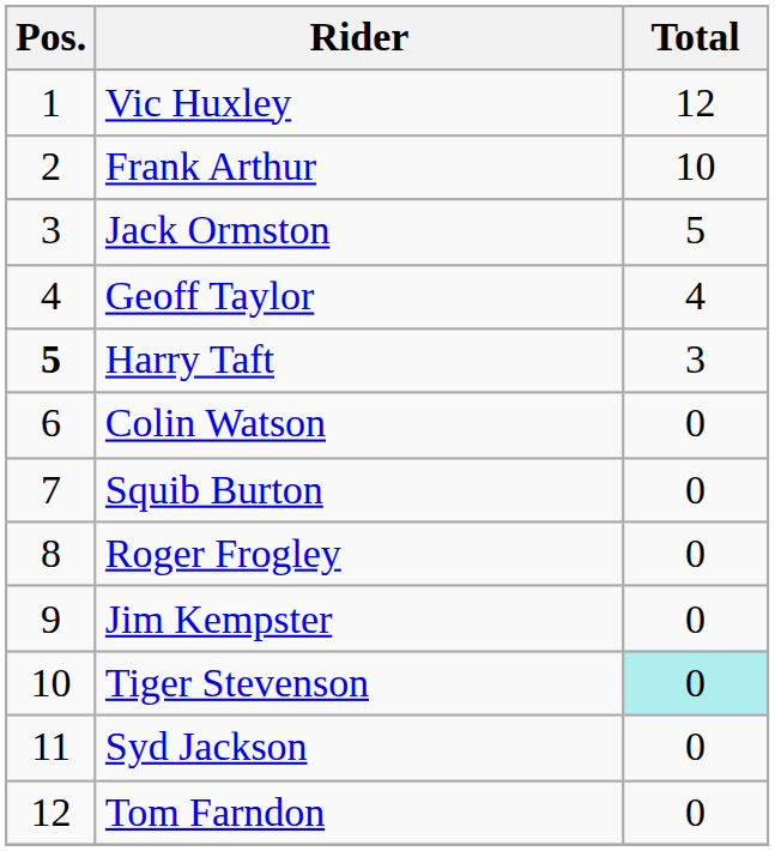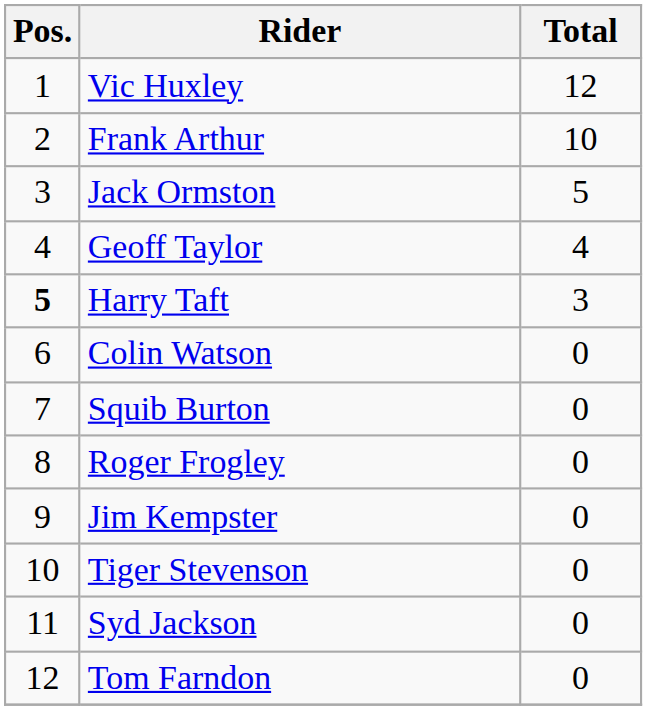 <table class=wikitable>
 <tr>
 <th width=25px>Pos.</th>
 <th width=200px>Rider</th>
 <th width=50px>Total</th>
 </tr>
 <tr align=center >
 <td>1</td>
 <td align=left> <a href='#'>Vic Huxley</a></td>
 <td>12</td>
 </tr>
 <tr align=center >
 <td>2</td>
 <td align=left> <a href='#'>Frank Arthur</a></td>
 <td>10</td>
 </tr>
 <tr align=center >
 <td>3</td>
 <td align=left> <a href='#'>Jack Ormston</a></td>
 <td>5</td>
 </tr>
 <tr align=center>
 <td>4</td>
 <td align=left> <a href='#'>Geoff Taylor</a></td>
 <td>4</td>
 </tr>
 <tr align=center>
 <td><strong>5</strong></td>
 <td align=left> <a href='#'>Harry Taft</a></td>
 <td>3</td>
 </tr>
 <tr align=center>
 <td>6</td>
 <td align=left> <a href='#'>Colin Watson</a></td>
 <td>0</td>
 </tr>
 <tr align=center>
 <td>7</td>
 <td align=left> <a href='#'>Squib Burton</a></td>
 <td>0</td>
 </tr>
 <tr align=center>
 <td>8</td>
 <td align=left> <a href='#'>Roger Frogley</a></td>
 <td>0</td>
 </tr>
 <tr align=center>
 <td>9</td>
 <td align=left> <a href='#'>Jim Kempster</a></td>
 <td>0</td>
 </tr>
 <tr align=center>
 <td>10</td>
 <td align=left> <a href='#'>Tiger Stevenson</a></td>
-<td style="background: paleturquoise;">0</td>
+<td>0</td>
 </tr>
 <tr align=center>
 <td>11</td>
 <td align=left> <a href='#'>Syd Jackson</a></td>
 <td>0</td>
 </tr>
 <tr align=center>
 <td>12</td>
 <td align=left> <a href='#'>Tom Farndon</a></td>
 <td>0</td>
 </tr>
 <tr align=center>
 </tr>
 </table>
